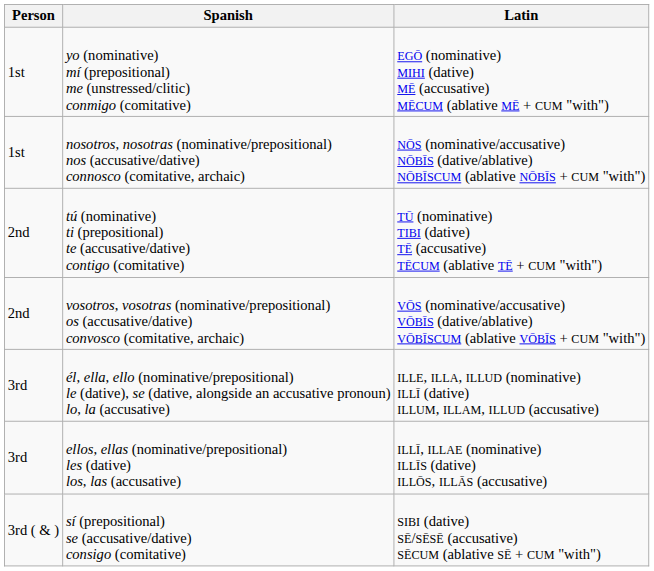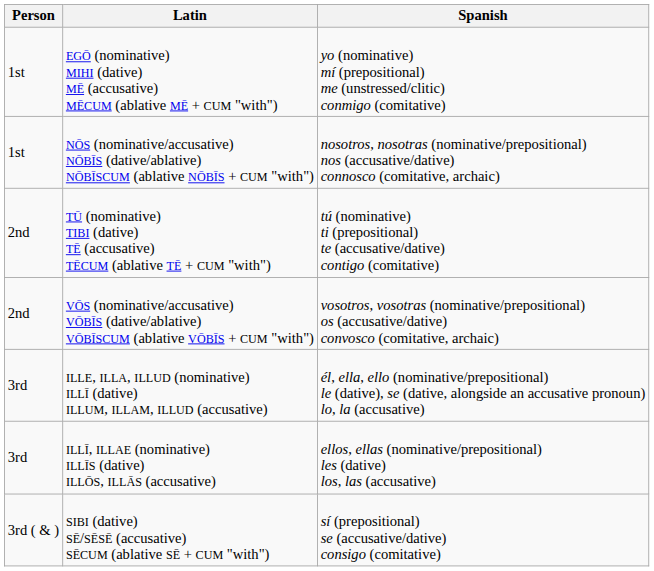 <table class="wikitable">
 <tr>
 <th>Person</th>
+<th>Latin</th>
 <th>Spanish</th>
-<th>Latin</th>
 </tr>
 <tr>
 <td>1st </td>
+<td><br><small><a href='#'>EGŌ</a></small> (nominative)<br> <small><a href='#'>MIHI</a></small> (dative)<br> <small><a href='#'>MĒ</a></small> (accusative)<br> <small><a href='#'>MĒCUM</a></small> (ablative <small><a href='#'>MĒ</a></small> + <small>CUM</small> "with")</td>
 <td><br><em>yo</em> (nominative)<br> <em>mí</em> (prepositional)<br> <em>me</em> (unstressed/clitic)<br> <em>conmigo</em> (comitative)</td>
-<td><br><small><a href='#'>EGŌ</a></small> (nominative)<br> <small><a href='#'>MIHI</a></small> (dative)<br> <small><a href='#'>MĒ</a></small> (accusative)<br> <small><a href='#'>MĒCUM</a></small> (ablative <small><a href='#'>MĒ</a></small> + <small>CUM</small> "with")</td>
 </tr>
 <tr>
 <td>1st </td>
+<td><br><small><a href='#'>NŌS</a></small> (nominative/accusative)<br> <small><a href='#'>NŌBĪS</a></small> (dative/ablative)<br> <small><a href='#'>NŌBĪSCUM</a></small> (ablative <small><a href='#'>NŌBĪS</a></small> + <small>CUM</small> "with")</td>
 <td><br><em>nosotros</em>, <em>nosotras</em> (nominative/prepositional)<br> <em>nos</em> (accusative/dative)<br> <em>connosco</em> (comitative, archaic)</td>
-<td><br><small><a href='#'>NŌS</a></small> (nominative/accusative)<br> <small><a href='#'>NŌBĪS</a></small> (dative/ablative)<br> <small><a href='#'>NŌBĪSCUM</a></small> (ablative <small><a href='#'>NŌBĪS</a></small> + <small>CUM</small> "with")</td>
 </tr>
 <tr>
 <td>2nd </td>
+<td><br><small><a href='#'>TŪ</a></small>  (nominative)<br> <small><a href='#'>TIBI</a></small>  (dative)<br> <small><a href='#'>TĒ</a></small>  (accusative)<br> <small><a href='#'>TĒCUM</a></small> (ablative <small><a href='#'>TĒ</a></small> + <small>CUM</small> "with")</td>
 <td><br><em>tú</em> (nominative)<br> <em>ti</em> (prepositional)<br> <em>te</em> (accusative/dative)<br> <em>contigo</em> (comitative)</td>
-<td><br><small><a href='#'>TŪ</a></small>  (nominative)<br> <small><a href='#'>TIBI</a></small>  (dative)<br> <small><a href='#'>TĒ</a></small>  (accusative)<br> <small><a href='#'>TĒCUM</a></small> (ablative <small><a href='#'>TĒ</a></small> + <small>CUM</small> "with")</td>
 </tr>
 <tr>
 <td>2nd </td>
+<td><br><small><a href='#'>VŌS</a></small>  (nominative/accusative)<br> <small><a href='#'>VŌBĪS</a></small>  (dative/ablative)<br> <small><a href='#'>VŌBĪSCUM</a></small> (ablative <small><a href='#'>VŌBĪS</a></small> + <small>CUM</small> "with")</td>
 <td><br><em>vosotros</em>, <em>vosotras</em> (nominative/prepositional)<br> <em>os</em> (accusative/dative)<br> <em>convosco</em> (comitative, archaic)</td>
-<td><br><small><a href='#'>VŌS</a></small>  (nominative/accusative)<br> <small><a href='#'>VŌBĪS</a></small>  (dative/ablative)<br> <small><a href='#'>VŌBĪSCUM</a></small> (ablative <small><a href='#'>VŌBĪS</a></small> + <small>CUM</small> "with")</td>
 </tr>
 <tr>
 <td>3rd </td>
+<td><br><small>ILLE</small>, <small>ILLA</small>, <small>ILLUD</small> (nominative)<br> <small>ILLĪ</small> (dative)<br> <small>ILLUM</small>, <small>ILLAM</small>, <small>ILLUD</small> (accusative)</td>
 <td><br><em>él</em>, <em>ella</em>, <em>ello</em> (nominative/prepositional)<br> <em>le</em> (dative), <em>se</em> (dative, alongside an accusative pronoun)<br> <em>lo</em>, <em>la</em> (accusative)</td>
-<td><br><small>ILLE</small>, <small>ILLA</small>, <small>ILLUD</small> (nominative)<br> <small>ILLĪ</small> (dative)<br> <small>ILLUM</small>, <small>ILLAM</small>, <small>ILLUD</small> (accusative)</td>
 </tr>
 <tr>
 <td>3rd </td>
+<td><br><small>ILLĪ</small>, <small>ILLAE</small> (nominative)<br> <small>ILLĪS</small> (dative)<br> <small>ILLŌS</small>, <small>ILLĀS</small> (accusative)<br></td>
 <td><br><em>ellos</em>, <em>ellas</em> (nominative/prepositional)<br> <em>les</em> (dative)<br> <em>los</em>, <em>las</em> (accusative)</td>
-<td><br><small>ILLĪ</small>, <small>ILLAE</small> (nominative)<br> <small>ILLĪS</small> (dative)<br> <small>ILLŌS</small>, <small>ILLĀS</small> (accusative)<br></td>
 </tr>
 <tr>
 <td>3rd  ( & )</td>
+<td><br><small>SIBI</small> (dative)<br> <small>SĒ</small>/<small>SĒSĒ</small> (accusative)<br> <small>SĒCUM</small> (ablative <small>SĒ</small> + <small>CUM</small> "with")</td>
 <td><br><em>sí</em> (prepositional)<br> <em>se</em> (accusative/dative)<br> <em>consigo</em> (comitative)</td>
-<td><br><small>SIBI</small> (dative)<br> <small>SĒ</small>/<small>SĒSĒ</small> (accusative)<br> <small>SĒCUM</small> (ablative <small>SĒ</small> + <small>CUM</small> "with")</td>
 </tr>
 </table>
